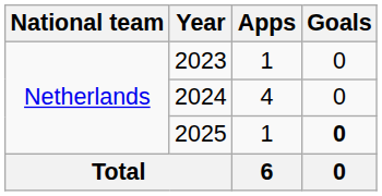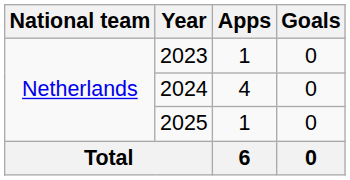 <table class="wikitable" style="text-align:center">
 <tr>
 <th>National team</th>
 <th>Year</th>
 <th>Apps</th>
 <th>Goals</th>
 </tr>
 <tr>
 <td rowspan="3"><a href='#'>Netherlands</a></td>
 <td>2023</td>
 <td>1</td>
 <td>0</td>
 </tr>
 <tr>
 <td>2024</td>
 <td>4</td>
 <td>0</td>
 </tr>
 <tr>
 <td>2025</td>
 <td>1</td>
-<td><strong>0</strong></td>
+<td>0</td>
 </tr>
 <tr>
 <th colspan="2">Total</th>
 <th>6</th>
 <th>0</th>
 </tr>
 </table>
